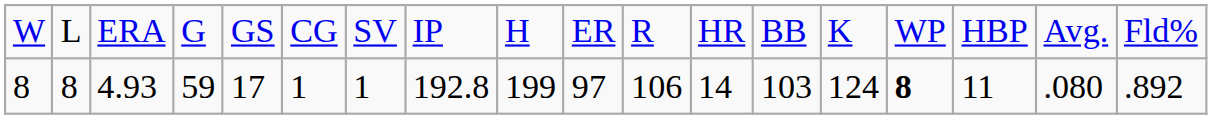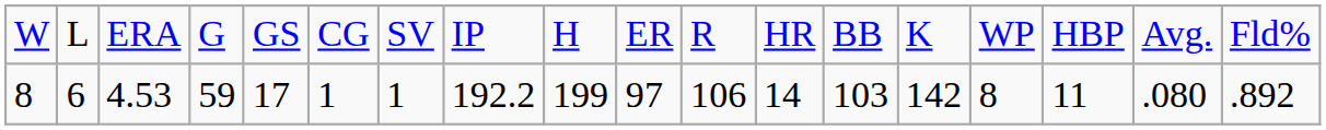 <table class="wikitable">
 <tr>
 <td><a href='#'>W</a></td>
 <td>L</td>
 <td><a href='#'>ERA</a></td>
 <td><a href='#'>G</a></td>
 <td><a href='#'>GS</a></td>
 <td><a href='#'>CG</a></td>
 <td><a href='#'>SV</a></td>
 <td><a href='#'>IP</a></td>
 <td><a href='#'>H</a></td>
 <td><a href='#'>ER</a></td>
 <td><a href='#'>R</a></td>
 <td><a href='#'>HR</a></td>
 <td><a href='#'>BB</a></td>
 <td><a href='#'>K</a></td>
 <td><a href='#'>WP</a></td>
 <td><a href='#'>HBP</a></td>
 <td><a href='#'>Avg.</a></td>
 <td><a href='#'>Fld%</a></td>
 </tr>
 <tr>
 <td>8</td>
-<td>8</td>
-<td>4.93</td>
+<td>6</td>
+<td>4.53</td>
 <td>59</td>
 <td>17</td>
 <td>1</td>
 <td>1</td>
-<td>192.8</td>
+<td>192.2</td>
 <td>199</td>
 <td>97</td>
 <td>106</td>
 <td>14</td>
 <td>103</td>
-<td>124</td>
-<td><strong>8</strong></td>
+<td>142</td>
+<td>8</td>
 <td>11</td>
 <td>.080</td>
 <td>.892</td>
 </tr>
 </table>
